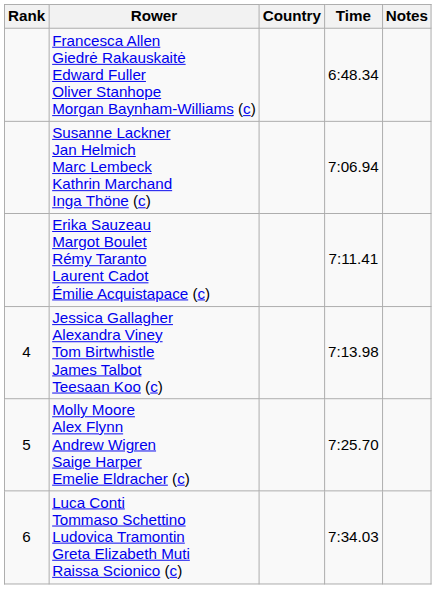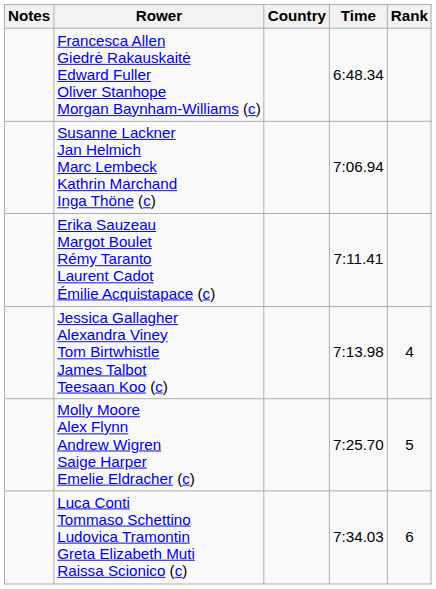 <table class="wikitable" style="text-align:center">
 <tr>
-<th>Rank</th>
+<th>Notes</th>
 <th>Rower</th>
 <th>Country</th>
 <th>Time</th>
-<th>Notes</th>
+<th>Rank</th>
 </tr>
 <tr>
 <td></td>
 <td align="left"><a href='#'>Francesca Allen</a><br><a href='#'>Giedrė Rakauskaitė</a><br><a href='#'>Edward Fuller</a><br><a href='#'>Oliver Stanhope</a><br><a href='#'>Morgan Baynham-Williams</a> (<a href='#'>c</a>)</td>
 <td align="left"></td>
 <td>6:48.34</td>
 <td></td>
 </tr>
 <tr>
 <td></td>
 <td align="left"><a href='#'>Susanne Lackner</a><br><a href='#'>Jan Helmich</a><br><a href='#'>Marc Lembeck</a><br><a href='#'>Kathrin Marchand</a><br><a href='#'>Inga Thöne</a> (<a href='#'>c</a>)</td>
 <td align="left"></td>
 <td>7:06.94</td>
 <td></td>
 </tr>
 <tr>
 <td></td>
 <td align="left"><a href='#'>Erika Sauzeau</a><br><a href='#'>Margot Boulet</a><br><a href='#'>Rémy Taranto</a><br><a href='#'>Laurent Cadot</a><br><a href='#'>Émilie Acquistapace</a> (<a href='#'>c</a>)</td>
 <td align="left"></td>
 <td>7:11.41</td>
 <td></td>
 </tr>
 <tr>
-<td>4</td>
+<td></td>
 <td align="left"><a href='#'>Jessica Gallagher</a><br><a href='#'>Alexandra Viney</a><br><a href='#'>Tom Birtwhistle</a><br><a href='#'>James Talbot</a><br><a href='#'>Teesaan Koo</a> (<a href='#'>c</a>)</td>
 <td align="left"></td>
 <td>7:13.98</td>
-<td></td>
+<td>4</td>
 </tr>
 <tr>
-<td>5</td>
+<td></td>
 <td align="left"><a href='#'>Molly Moore</a><br><a href='#'>Alex Flynn</a><br><a href='#'>Andrew Wigren</a><br><a href='#'>Saige Harper</a><br><a href='#'>Emelie Eldracher</a> (<a href='#'>c</a>)</td>
 <td align="left"></td>
 <td>7:25.70</td>
-<td></td>
+<td>5</td>
 </tr>
 <tr>
-<td>6</td>
+<td></td>
 <td align="left"><a href='#'>Luca Conti</a><br><a href='#'>Tommaso Schettino</a><br><a href='#'>Ludovica Tramontin</a><br><a href='#'>Greta Elizabeth Muti</a><br><a href='#'>Raissa Scionico</a> (<a href='#'>c</a>)</td>
 <td align="left"></td>
 <td>7:34.03</td>
-<td></td>
+<td>6</td>
 </tr>
 </table>
